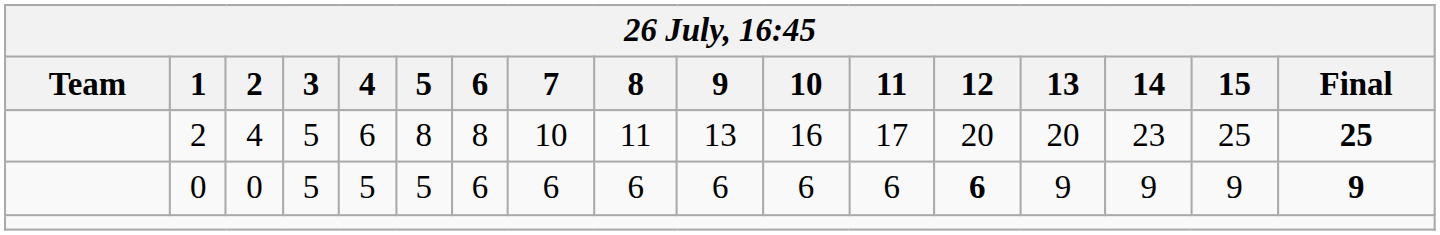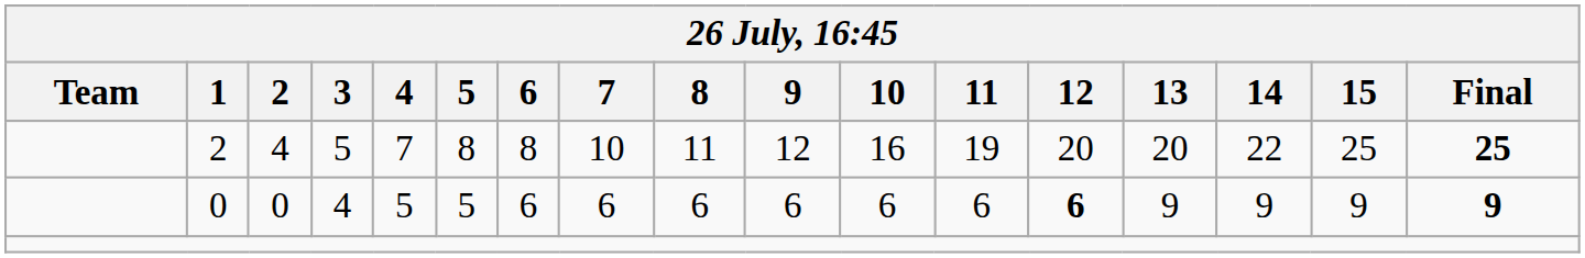 <table class=wikitable style="text-align:center; width: 55%">
 <tr>
 <th colspan=20><em>26 July, 16:45</em></th>
 </tr>
 <tr>
 <th>Team</th>
 <th>1</th>
 <th>2</th>
 <th>3</th>
 <th>4</th>
 <th>5</th>
 <th>6</th>
 <th>7</th>
 <th>8</th>
 <th>9</th>
 <th>10</th>
 <th>11</th>
 <th>12</th>
 <th>13</th>
 <th>14</th>
 <th>15</th>
 <th>Final</th>
 </tr>
 <tr>
 <td align=left><strong></strong></td>
 <td>2</td>
 <td>4</td>
 <td>5</td>
-<td>6</td>
+<td>7</td>
 <td>8</td>
 <td>8</td>
 <td>10</td>
 <td>11</td>
-<td>13</td>
+<td>12</td>
 <td>16</td>
-<td>17</td>
+<td>19</td>
 <td>20</td>
 <td>20</td>
-<td>23</td>
+<td>22</td>
 <td>25</td>
 <td><strong>25</strong></td>
 </tr>
 <tr>
 <td align=left></td>
 <td>0</td>
 <td>0</td>
-<td>5</td>
+<td>4</td>
 <td>5</td>
 <td>5</td>
 <td>6</td>
 <td>6</td>
 <td>6</td>
 <td>6</td>
 <td>6</td>
 <td>6</td>
 <td><strong>6</strong></td>
 <td>9</td>
 <td>9</td>
 <td>9</td>
 <td><strong>9</strong></td>
 </tr>
 <tr>
 <td colspan=20></td>
 </tr>
 </table>
